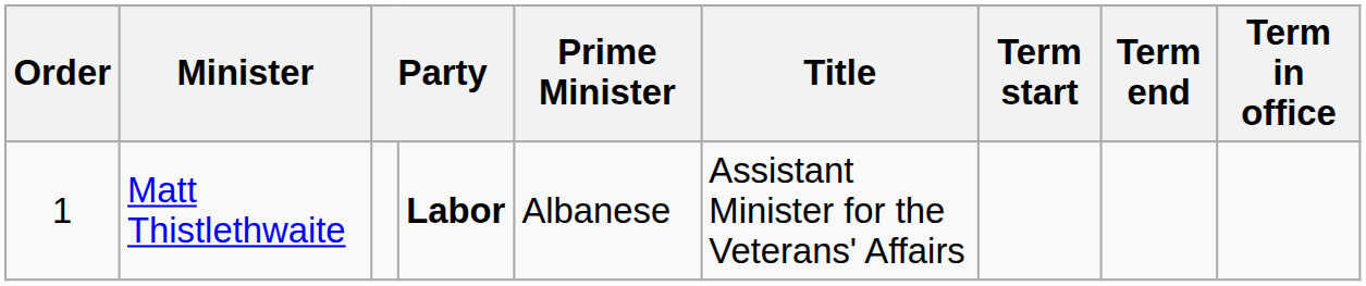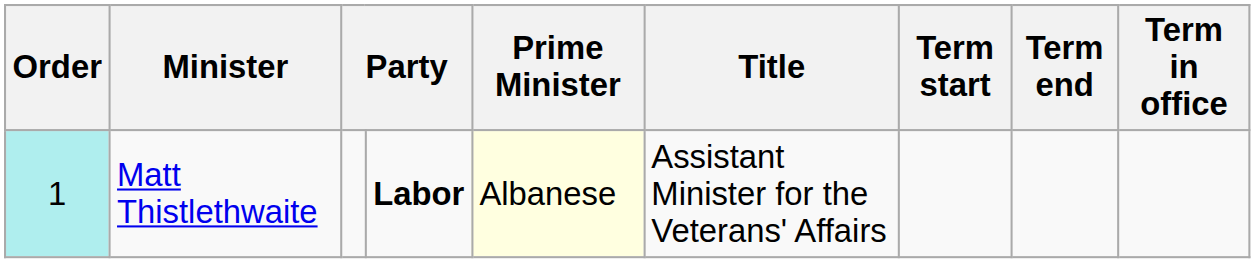 <table class="wikitable">
 <tr>
 <th>Order</th>
 <th>Minister</th>
 <th colspan="2">Party</th>
 <th>Prime Minister</th>
 <th>Title</th>
 <th>Term start</th>
 <th>Term end</th>
 <th>Term in office</th>
 </tr>
 <tr>
-<td align=center>1</td>
+<td align=center style="background: paleturquoise;">1</td>
 <td><a href='#'>Matt Thistlethwaite</a></td>
 <td> </td>
 <td><strong>Labor</strong></td>
-<td>Albanese</td>
+<td style="background: lightyellow;">Albanese</td>
 <td>Assistant Minister for the Veterans' Affairs</td>
 <td align=center></td>
 <td align=center></td>
 <td></td>
 </tr>
 </table>
